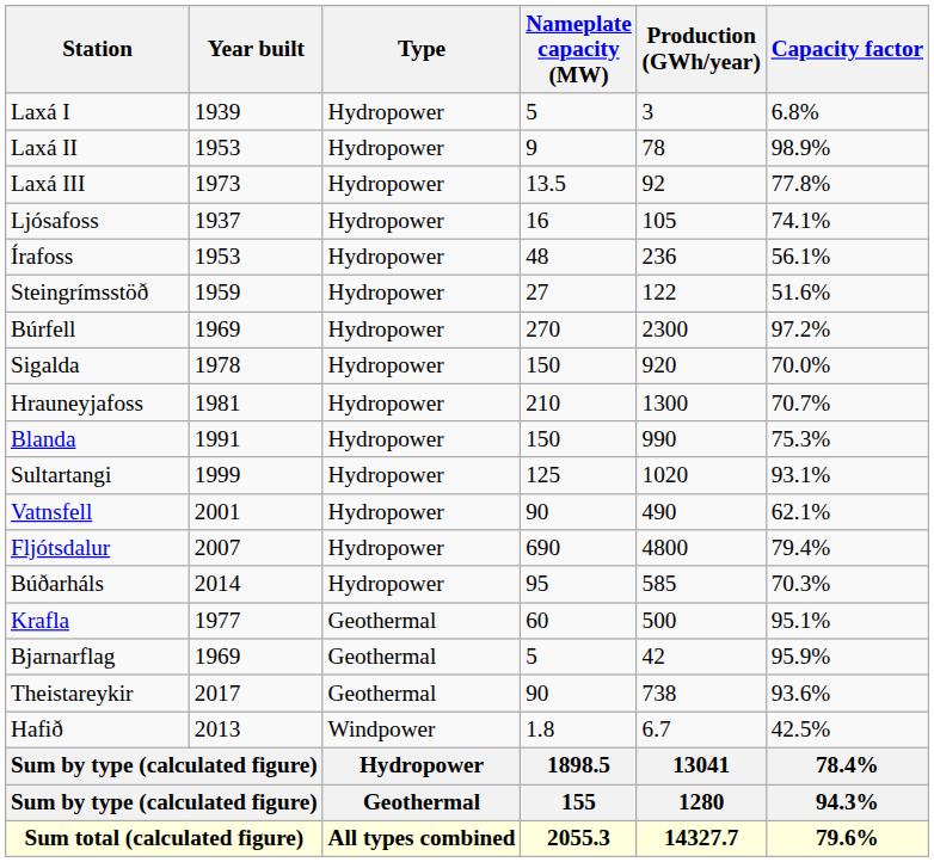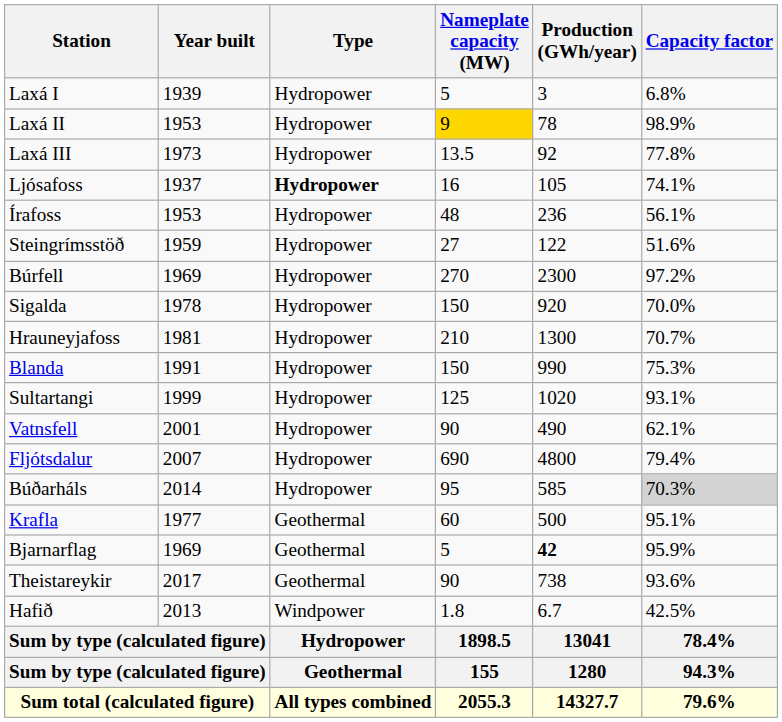 <table class="wikitable sortable">
 <tr>
 <th>Station</th>
 <th>Year built</th>
 <th>Type</th>
 <th><a href='#'>Nameplate<br>capacity</a><br>(MW)</th>
 <th>Production<br>(GWh/year)</th>
 <th><a href='#'>Capacity factor</a></th>
 </tr>
 <tr>
 <td>Laxá I</td>
 <td>1939</td>
 <td>Hydropower</td>
 <td>5</td>
 <td>3</td>
 <td>6.8%</td>
 </tr>
 <tr>
 <td>Laxá II</td>
 <td>1953</td>
 <td>Hydropower</td>
-<td>9</td>
+<td style="background: gold;">9</td>
 <td>78</td>
 <td>98.9%</td>
 </tr>
 <tr>
 <td>Laxá III</td>
 <td>1973</td>
 <td>Hydropower</td>
 <td>13.5</td>
 <td>92</td>
 <td>77.8%</td>
 </tr>
 <tr>
 <td>Ljósafoss</td>
 <td>1937</td>
-<td>Hydropower</td>
+<td><strong>Hydropower</strong></td>
 <td>16</td>
 <td>105</td>
 <td>74.1%</td>
 </tr>
 <tr>
 <td>Írafoss</td>
 <td>1953</td>
 <td>Hydropower</td>
 <td>48</td>
 <td>236</td>
 <td>56.1%</td>
 </tr>
 <tr>
 <td>Steingrímsstöð</td>
 <td>1959</td>
 <td>Hydropower</td>
 <td>27</td>
 <td>122</td>
 <td>51.6%</td>
 </tr>
 <tr>
 <td>Búrfell </td>
 <td>1969</td>
 <td>Hydropower</td>
 <td>270</td>
 <td>2300</td>
 <td>97.2%</td>
 </tr>
 <tr>
 <td>Sigalda</td>
 <td>1978</td>
 <td>Hydropower</td>
 <td>150</td>
 <td>920</td>
 <td>70.0%</td>
 </tr>
 <tr>
 <td>Hrauneyjafoss</td>
 <td>1981</td>
 <td>Hydropower</td>
 <td>210</td>
 <td>1300</td>
 <td>70.7%</td>
 </tr>
 <tr>
 <td><a href='#'>Blanda</a></td>
 <td>1991</td>
 <td>Hydropower</td>
 <td>150</td>
 <td>990</td>
 <td>75.3%</td>
 </tr>
 <tr>
 <td>Sultartangi</td>
 <td>1999</td>
 <td>Hydropower</td>
 <td>125</td>
 <td>1020</td>
 <td>93.1%</td>
 </tr>
 <tr>
 <td><a href='#'>Vatnsfell</a></td>
 <td>2001</td>
 <td>Hydropower</td>
 <td>90</td>
 <td>490</td>
 <td>62.1%</td>
 </tr>
 <tr>
 <td><a href='#'>Fljótsdalur</a></td>
 <td>2007</td>
 <td>Hydropower</td>
 <td>690</td>
 <td>4800</td>
 <td>79.4%</td>
 </tr>
 <tr>
 <td>Búðarháls</td>
 <td>2014</td>
 <td>Hydropower</td>
 <td>95</td>
 <td>585</td>
-<td>70.3%</td>
+<td style="background: lightgrey;">70.3%</td>
 </tr>
 <tr>
 <td><a href='#'>Krafla</a></td>
 <td>1977</td>
 <td>Geothermal</td>
 <td>60</td>
 <td>500</td>
 <td>95.1%</td>
 </tr>
 <tr>
 <td>Bjarnarflag</td>
 <td>1969</td>
 <td>Geothermal</td>
 <td>5</td>
-<td>42</td>
+<td><strong>42</strong></td>
 <td>95.9%</td>
 </tr>
 <tr>
 <td>Theistareykir</td>
 <td>2017</td>
 <td>Geothermal</td>
 <td>90</td>
 <td>738</td>
 <td>93.6%</td>
 </tr>
 <tr>
 <td>Hafið</td>
 <td>2013</td>
 <td>Windpower</td>
 <td>1.8</td>
 <td>6.7</td>
 <td>42.5%</td>
 </tr>
 <tr>
 <th colspan=2>Sum by type (calculated figure)</th>
 <th>Hydropower</th>
 <th>1898.5</th>
 <th>13041</th>
 <th>78.4%</th>
 </tr>
 <tr>
 <th colspan=2>Sum by type (calculated figure)</th>
 <th>Geothermal</th>
 <th>155</th>
 <th>1280</th>
 <th>94.3%</th>
 </tr>
 <tr>
 <th colspan=2 style="background:#ffffdd;">Sum total (calculated figure)</th>
 <th style="background:#ffffdd;">All types combined</th>
 <th style="background:#ffffdd;">2055.3</th>
 <th style="background:#ffffdd;">14327.7</th>
 <th style="background:#ffffdd;">79.6%</th>
 </tr>
 </table>
